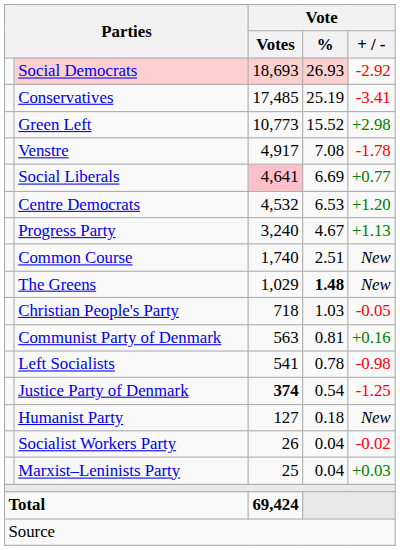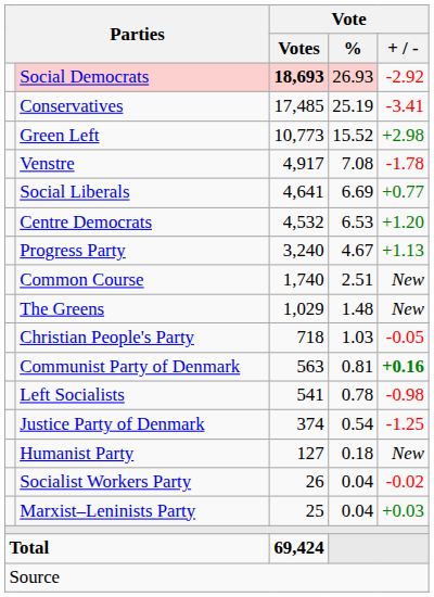 <table class="wikitable" style="text-align:right;">
 <tr>
 <th style="text-align:centre;" rowspan="2" colspan="2" width="225">Parties</th>
 <th colspan="3">Vote</th>
 </tr>
 <tr>
 <th width="15">Votes</th>
 <th width="15">%</th>
 <th width="15">+ / -</th>
 </tr>
 <tr>
 <td width="2" style="color:inherit;background:"></td>
 <td bgcolor=#fbd0ce  align="left"><a href='#'>Social Democrats</a></td>
-<td bgcolor=#fbd0ce>18,693</td>
+<td bgcolor=#fbd0ce><strong>18,693</strong></td>
 <td bgcolor=#fbd0ce>26.93</td>
 <td style=color:red;>-2.92</td>
 </tr>
 <tr>
 <td width="2" style="color:inherit;background:"></td>
 <td align="left"><a href='#'>Conservatives</a></td>
 <td>17,485</td>
 <td>25.19</td>
 <td style=color:red;>-3.41</td>
 </tr>
 <tr>
 <td width="2" style="color:inherit;background:"></td>
 <td align="left"><a href='#'>Green Left</a></td>
 <td>10,773</td>
 <td>15.52</td>
 <td style=color:green;>+2.98</td>
 </tr>
 <tr>
 <td width="2" style="color:inherit;background:"></td>
 <td align="left"><a href='#'>Venstre</a></td>
 <td>4,917</td>
 <td>7.08</td>
 <td style=color:red;>-1.78</td>
 </tr>
 <tr>
 <td width="2" style="color:inherit;background:"></td>
 <td align="left"><a href='#'>Social Liberals</a></td>
-<td style="background: pink;">4,641</td>
+<td>4,641</td>
 <td>6.69</td>
 <td style=color:green;>+0.77</td>
 </tr>
 <tr>
 <td width="2" style="color:inherit;background:"></td>
 <td align="left"><a href='#'>Centre Democrats</a></td>
 <td>4,532</td>
 <td>6.53</td>
 <td style=color:green;>+1.20</td>
 </tr>
 <tr>
 <td width="2" style="color:inherit;background:"></td>
 <td align="left"><a href='#'>Progress Party</a></td>
 <td>3,240</td>
 <td>4.67</td>
 <td style=color:green;>+1.13</td>
 </tr>
 <tr>
 <td width="2" style="color:inherit;background:"></td>
 <td align="left"><a href='#'>Common Course</a></td>
 <td>1,740</td>
 <td>2.51</td>
 <td><em>New</em></td>
 </tr>
 <tr>
 <td width="2" style="color:inherit;background:"></td>
 <td align="left"><a href='#'>The Greens</a></td>
 <td>1,029</td>
-<td><strong>1.48</strong></td>
+<td>1.48</td>
 <td><em>New</em></td>
 </tr>
 <tr>
 <td width="2" style="color:inherit;background:"></td>
 <td align="left"><a href='#'>Christian People's Party</a></td>
 <td>718</td>
 <td>1.03</td>
 <td style=color:red;>-0.05</td>
 </tr>
 <tr>
 <td width="2" style="color:inherit;background:"></td>
 <td align="left"><a href='#'>Communist Party of Denmark</a></td>
 <td>563</td>
 <td>0.81</td>
-<td style=color:green;>+0.16</td>
+<td style=color:green;><strong>+0.16</strong></td>
 </tr>
 <tr>
 <td width="2" style="color:inherit;background:"></td>
 <td align="left"><a href='#'>Left Socialists</a></td>
 <td>541</td>
 <td>0.78</td>
 <td style=color:red;>-0.98</td>
 </tr>
 <tr>
 <td width="2" style="color:inherit;background:"></td>
 <td align="left"><a href='#'>Justice Party of Denmark</a></td>
-<td><strong>374</strong></td>
+<td>374</td>
 <td>0.54</td>
 <td style=color:red;>-1.25</td>
 </tr>
 <tr>
 <td width="2" style="color:inherit;background:"></td>
 <td align="left"><a href='#'>Humanist Party</a></td>
 <td>127</td>
 <td>0.18</td>
 <td><em>New</em></td>
 </tr>
 <tr>
 <td width="2" style="color:inherit;background:"></td>
 <td align="left"><a href='#'>Socialist Workers Party</a></td>
 <td>26</td>
 <td>0.04</td>
 <td style=color:red;>-0.02</td>
 </tr>
 <tr>
 <td width="2" style="color:inherit;background:"></td>
 <td align="left"><a href='#'>Marxist–Leninists Party</a></td>
 <td>25</td>
 <td>0.04</td>
 <td style=color:green;>+0.03</td>
 </tr>
 <tr>
 <td colspan="7" bgcolor="#E9E9E9"></td>
 </tr>
 <tr>
 <td align="left" colspan="2"><strong>Total</strong></td>
 <td><strong>69,424</strong></td>
 <td bgcolor="#E9E9E9" colspan="2"></td>
 </tr>
 <tr>
 <td align="left" colspan="6">Source</td>
 </tr>
 </table>
